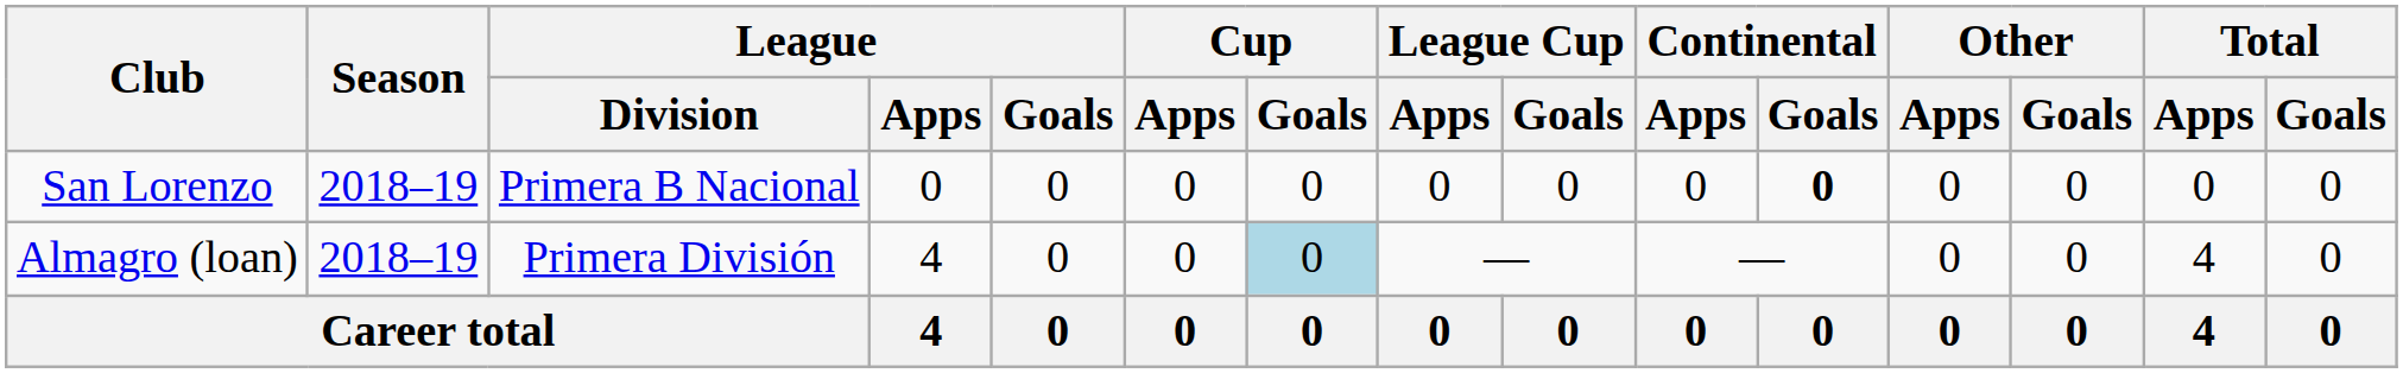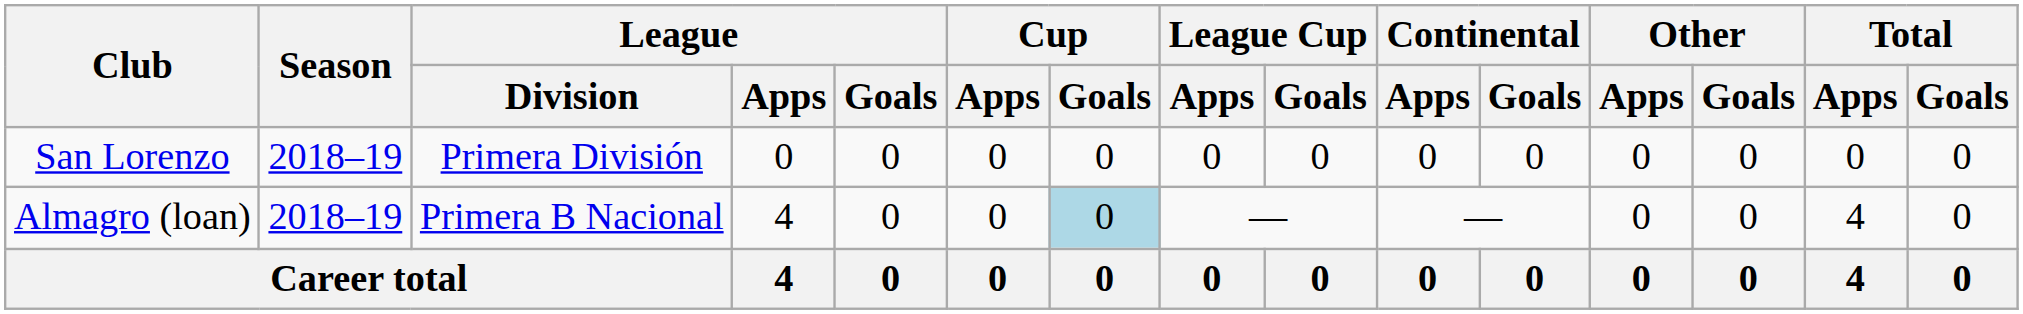 <table class="wikitable" style="text-align:center">
 <tr>
 <th rowspan="2">Club</th>
 <th rowspan="2">Season</th>
 <th colspan="3">League</th>
 <th colspan="2">Cup</th>
 <th colspan="2">League Cup</th>
 <th colspan="2">Continental</th>
 <th colspan="2">Other</th>
 <th colspan="2">Total</th>
 </tr>
 <tr>
 <th>Division</th>
 <th>Apps</th>
 <th>Goals</th>
 <th>Apps</th>
 <th>Goals</th>
 <th>Apps</th>
 <th>Goals</th>
 <th>Apps</th>
 <th>Goals</th>
 <th>Apps</th>
 <th>Goals</th>
 <th>Apps</th>
 <th>Goals</th>
 </tr>
 <tr>
 <td rowspan="1"><a href='#'>San Lorenzo</a></td>
 <td><a href='#'>2018–19</a></td>
-<td rowspan="1"><a href='#'>Primera B Nacional</a></td>
+<td rowspan="1"><a href='#'>Primera División</a></td>
 <td>0</td>
 <td>0</td>
 <td>0</td>
 <td>0</td>
 <td>0</td>
 <td>0</td>
 <td>0</td>
-<td><strong>0</strong></td>
+<td>0</td>
 <td>0</td>
 <td>0</td>
 <td>0</td>
 <td>0</td>
 </tr>
 <tr>
 <td rowspan="1"><a href='#'>Almagro</a> (loan)</td>
 <td><a href='#'>2018–19</a></td>
-<td rowspan="1"><a href='#'>Primera División</a></td>
+<td rowspan="1"><a href='#'>Primera B Nacional</a></td>
 <td>4</td>
 <td>0</td>
 <td>0</td>
 <td style="background: lightblue;">0</td>
 <td colspan="2">—</td>
 <td colspan="2">—</td>
 <td>0</td>
 <td>0</td>
 <td>4</td>
 <td>0</td>
 </tr>
 <tr>
 <th colspan="3">Career total</th>
 <th>4</th>
 <th>0</th>
 <th>0</th>
 <th>0</th>
 <th>0</th>
 <th>0</th>
 <th>0</th>
 <th>0</th>
 <th>0</th>
 <th>0</th>
 <th>4</th>
 <th>0</th>
 </tr>
 </table>
